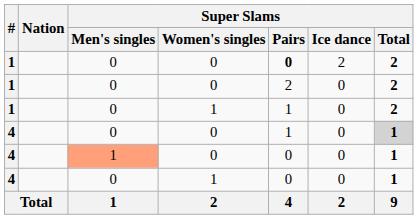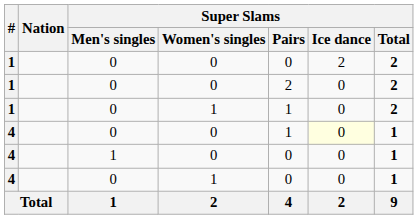 <table class="wikitable sortable" style="text-align: center;">
 <tr>
 <th rowspan="2">#</th>
 <th rowspan="2">Nation</th>
 <th colspan="5">Super Slams</th>
 </tr>
 <tr>
 <th>Men's singles</th>
 <th>Women's singles</th>
 <th>Pairs</th>
 <th>Ice dance</th>
 <th>Total</th>
 </tr>
 <tr>
 <th>1</th>
 <td></td>
 <td>0</td>
 <td>0</td>
-<td><strong>0</strong></td>
+<td>0</td>
 <td>2</td>
 <td><strong>2</strong></td>
 </tr>
 <tr>
 <th>1</th>
 <td></td>
 <td>0</td>
 <td>0</td>
 <td>2</td>
 <td>0</td>
 <td><strong>2</strong></td>
 </tr>
 <tr>
 <th>1</th>
 <td></td>
 <td>0</td>
 <td>1</td>
 <td>1 </td>
 <td>0</td>
 <td><strong>2</strong></td>
 </tr>
 <tr>
 <th>4</th>
 <td></td>
 <td>0</td>
 <td>0</td>
 <td>1 </td>
-<td>0</td>
-<td style="background: lightgrey;"><strong>1</strong></td>
+<td style="background: lightyellow;">0</td>
+<td><strong>1</strong></td>
 </tr>
 <tr>
 <th>4</th>
 <td></td>
-<td style="background: lightsalmon;">1</td>
+<td>1</td>
 <td>0</td>
 <td>0</td>
 <td>0</td>
 <td><strong>1</strong></td>
 </tr>
 <tr>
 <th>4</th>
 <td></td>
 <td>0</td>
 <td>1</td>
 <td>0</td>
 <td>0</td>
 <td><strong>1</strong></td>
 </tr>
 <tr>
 <th colspan="2">Total</th>
 <th>1</th>
 <th>2</th>
 <th>4</th>
 <th>2</th>
 <th>9</th>
 </tr>
 </table>
